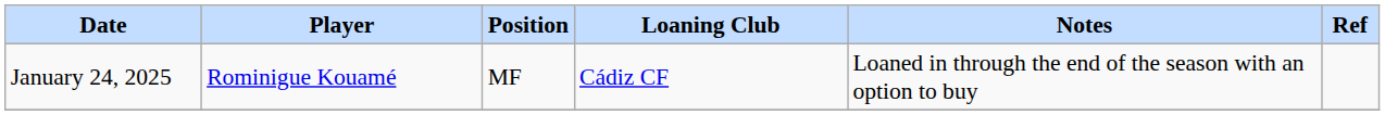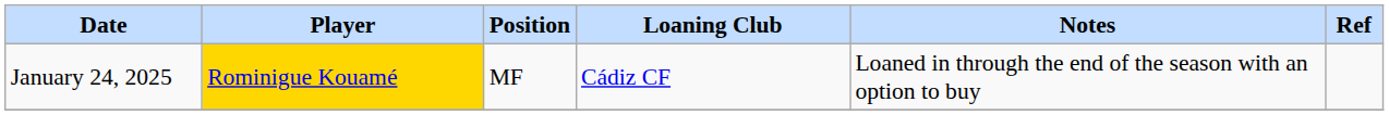 <table class="wikitable" style="text-align:left; font-size:95%;">
 <tr>
 <th style="background:#c2ddff; width:120px;">Date</th>
 <th style="background:#c2ddff; width:175px;">Player</th>
 <th style="background:#c2ddff; width:50px;">Position</th>
 <th style="background:#c2ddff; width:170px;">Loaning Club</th>
 <th style="background:#c2ddff; width:300px;">Notes</th>
 <th style="background:#c2ddff; width:30px;">Ref</th>
 </tr>
 <tr>
 <td>January 24, 2025</td>
-<td> <a href='#'>Rominigue Kouamé</a></td>
+<td style="background: gold;"> <a href='#'>Rominigue Kouamé</a></td>
 <td>MF</td>
 <td> <a href='#'>Cádiz CF</a></td>
 <td>Loaned in through the end of the season with an option to buy</td>
 <td></td>
 </tr>
 <tr>
 </tr>
 </table>
